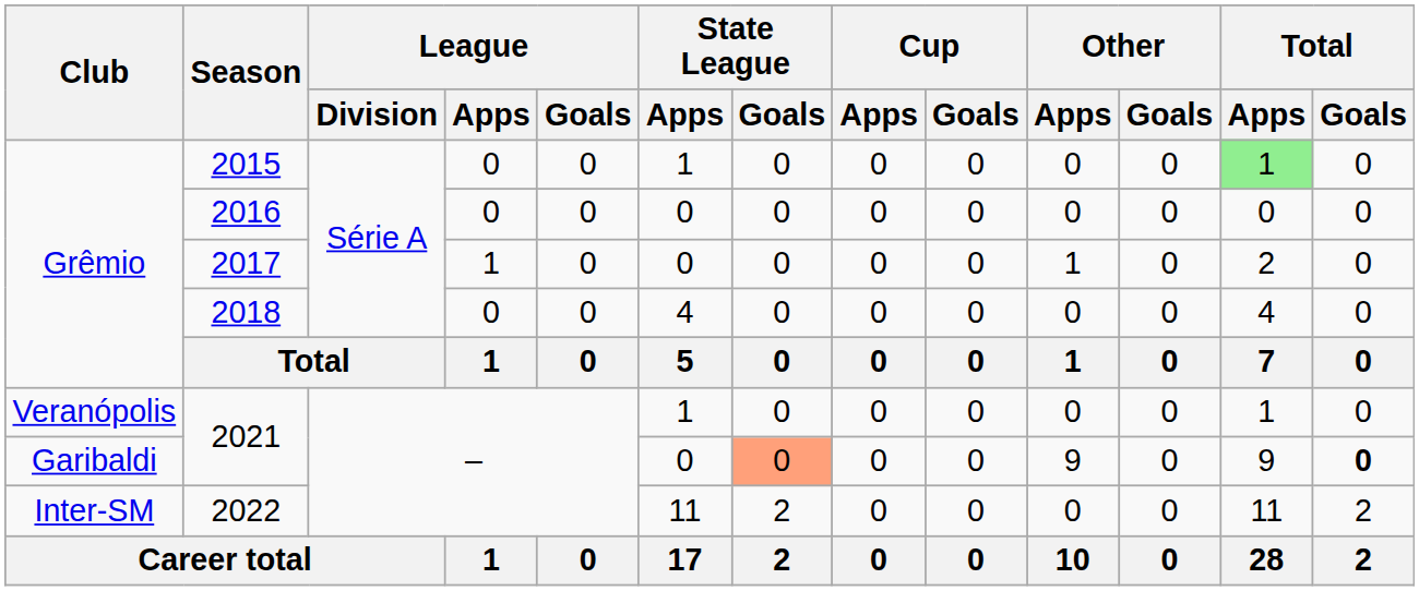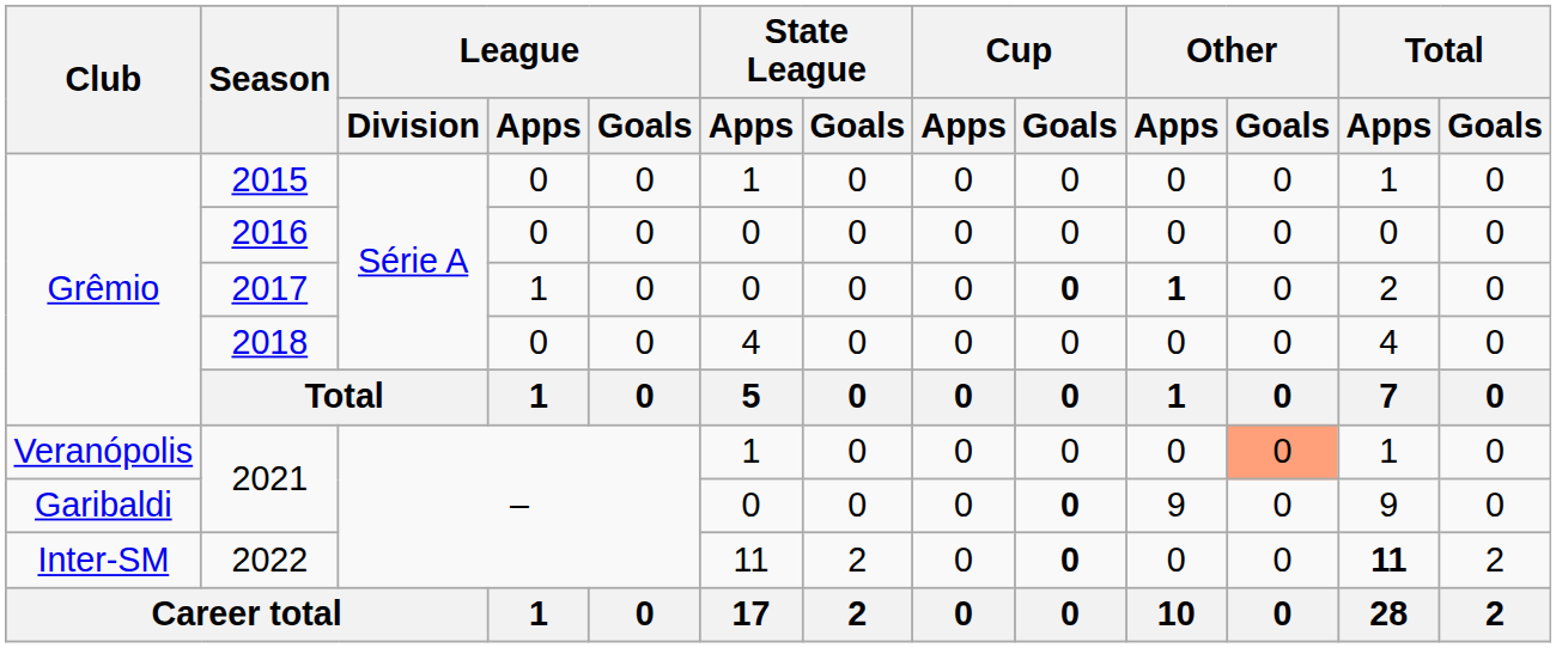 <table class="wikitable" style="text-align: center">
 <tr>
 <th rowspan="2">Club</th>
 <th rowspan="2">Season</th>
 <th colspan="3">League</th>
 <th colspan="2">State League</th>
 <th colspan="2">Cup</th>
 <th colspan="2">Other</th>
 <th colspan="2">Total</th>
 </tr>
 <tr>
 <th>Division</th>
 <th>Apps</th>
 <th>Goals</th>
 <th>Apps</th>
 <th>Goals</th>
 <th>Apps</th>
 <th>Goals</th>
 <th>Apps</th>
 <th>Goals</th>
 <th>Apps</th>
 <th>Goals</th>
 </tr>
 <tr>
 <td rowspan="5"><a href='#'>Grêmio</a></td>
 <td><a href='#'>2015</a></td>
 <td rowspan="4"><a href='#'>Série A</a></td>
 <td>0</td>
 <td>0</td>
 <td>1</td>
 <td>0</td>
 <td>0</td>
 <td>0</td>
 <td>0</td>
 <td>0</td>
-<td style="background: lightgreen;">1</td>
+<td>1</td>
 <td>0</td>
 </tr>
 <tr>
 <td><a href='#'>2016</a></td>
 <td>0</td>
 <td>0</td>
 <td>0</td>
 <td>0</td>
 <td>0</td>
 <td>0</td>
 <td>0</td>
 <td>0</td>
 <td>0</td>
 <td>0</td>
 </tr>
 <tr>
 <td><a href='#'>2017</a></td>
 <td>1</td>
 <td>0</td>
 <td>0</td>
 <td>0</td>
 <td>0</td>
-<td>0</td>
-<td>1</td>
+<td><strong>0</strong></td>
+<td><strong>1</strong></td>
 <td>0</td>
 <td>2</td>
 <td>0</td>
 </tr>
 <tr>
 <td><a href='#'>2018</a></td>
 <td>0</td>
 <td>0</td>
 <td>4</td>
 <td>0</td>
 <td>0</td>
 <td>0</td>
 <td>0</td>
 <td>0</td>
 <td>4</td>
 <td>0</td>
 </tr>
 <tr>
 <th colspan="2"><strong>Total</strong></th>
 <th>1</th>
 <th>0</th>
 <th>5</th>
 <th>0</th>
 <th>0</th>
 <th>0</th>
 <th>1</th>
 <th>0</th>
 <th>7</th>
 <th>0</th>
 </tr>
 <tr>
 <td><a href='#'>Veranópolis</a></td>
 <td rowspan="2">2021</td>
 <td colspan="3" rowspan="3">–</td>
 <td>1</td>
 <td>0</td>
 <td>0</td>
 <td>0</td>
 <td>0</td>
-<td>0</td>
+<td style="background: lightsalmon;">0</td>
 <td>1</td>
 <td>0</td>
 </tr>
 <tr>
 <td><a href='#'>Garibaldi</a></td>
 <td>0</td>
-<td style="background: lightsalmon;">0</td>
 <td>0</td>
+<td>0</td>
+<td><strong>0</strong></td>
+<td>9</td>
 <td>0</td>
 <td>9</td>
 <td>0</td>
-<td>9</td>
-<td><strong>0</strong></td>
 </tr>
 <tr>
 <td><a href='#'>Inter-SM</a></td>
 <td>2022</td>
 <td>11</td>
 <td>2</td>
 <td>0</td>
+<td><strong>0</strong></td>
 <td>0</td>
 <td>0</td>
-<td>0</td>
-<td>11</td>
+<td><strong>11</strong></td>
 <td>2</td>
 </tr>
 <tr>
 <th colspan="3"><strong>Career total</strong></th>
 <th>1</th>
 <th>0</th>
 <th>17</th>
 <th>2</th>
 <th>0</th>
 <th>0</th>
 <th>10</th>
 <th>0</th>
 <th>28</th>
 <th>2</th>
 </tr>
 </table>
